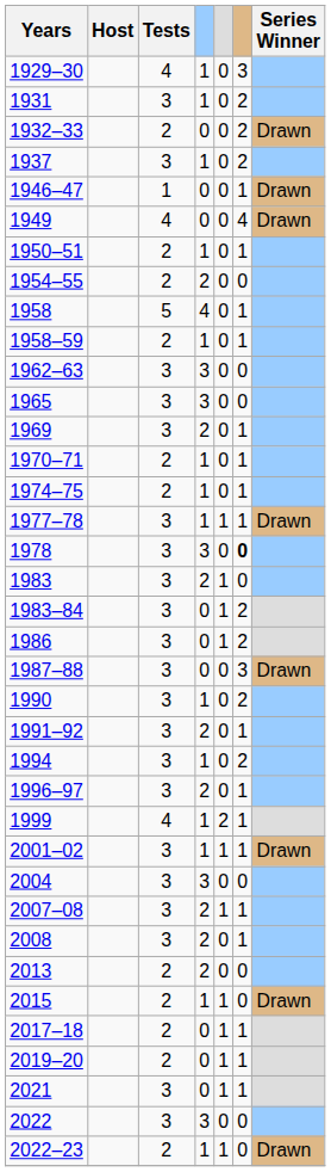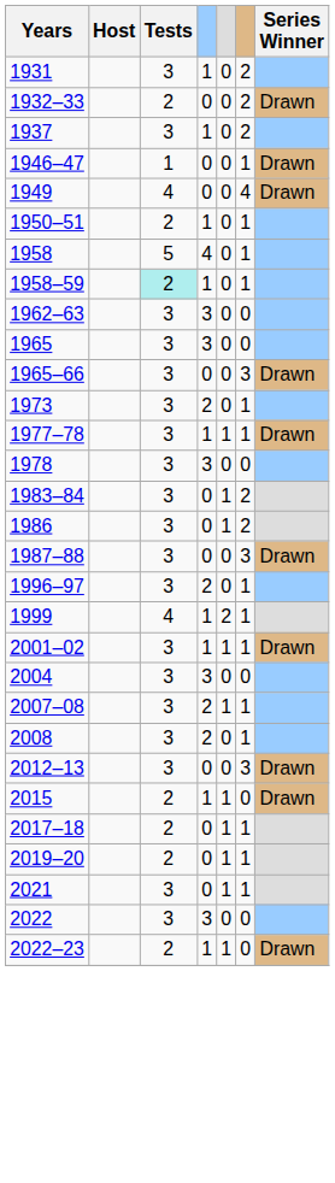 <table class="wikitable sortable">
 <tr>
 <th>Years</th>
 <th>Host</th>
 <th>Tests</th>
 <th style="background:#99ccff"></th>
 <th style="background:#ddd"></th>
 <th style="background:#deb887"></th>
 <th class="unsortable">Series<br>Winner</th>
-</tr>
-<tr>
-<td><a href='#'>1929–30</a></td>
-<td></td>
-<td align=center>4</td>
-<td align=center>1</td>
-<td align=center>0</td>
-<td align=center>3</td>
-<td bgcolor="#99ccff"></td>
 </tr>
 <tr>
 <td><a href='#'>1931</a></td>
 <td></td>
 <td align=center>3</td>
 <td align=center>1</td>
 <td align=center>0</td>
 <td align=center>2</td>
 <td bgcolor="#99ccff"></td>
 </tr>
 <tr>
 <td><a href='#'>1932–33</a></td>
 <td></td>
 <td align=center>2</td>
 <td align=center>0</td>
 <td align=center>0</td>
 <td align=center>2</td>
 <td style="background:#deb887">Drawn</td>
 </tr>
 <tr>
 <td><a href='#'>1937</a></td>
 <td></td>
 <td align=center>3</td>
 <td align=center>1</td>
 <td align=center>0</td>
 <td align=center>2</td>
 <td bgcolor="#99ccff"></td>
 </tr>
 <tr>
 <td><a href='#'>1946–47</a></td>
 <td></td>
 <td align=center>1</td>
 <td align=center>0</td>
 <td align=center>0</td>
 <td align=center>1</td>
 <td style="background:#deb887">Drawn</td>
 </tr>
 <tr>
 <td><a href='#'>1949</a></td>
 <td></td>
 <td align=center>4</td>
 <td align=center>0</td>
 <td align=center>0</td>
 <td align=center>4</td>
 <td style="background:#deb887">Drawn</td>
 </tr>
 <tr>
 <td><a href='#'>1950–51</a></td>
 <td></td>
 <td align=center>2</td>
 <td align=center>1</td>
 <td align=center>0</td>
 <td align=center>1</td>
 <td bgcolor="#99ccff"></td>
 </tr>
 <tr>
-<td><a href='#'>1954–55</a></td>
-<td></td>
-<td align=center>2</td>
-<td align=center>2</td>
-<td align=center>0</td>
-<td align=center>0</td>
-<td bgcolor="#99ccff"></td>
-</tr>
-<tr>
 <td><a href='#'>1958</a></td>
 <td></td>
 <td align=center>5</td>
 <td align=center>4</td>
 <td align=center>0</td>
 <td align=center>1</td>
 <td bgcolor="#99ccff"></td>
 </tr>
 <tr>
 <td><a href='#'>1958–59</a></td>
 <td></td>
-<td align=center>2</td>
+<td align=center style="background: paleturquoise;">2</td>
 <td align=center>1</td>
 <td align=center>0</td>
 <td align=center>1</td>
 <td bgcolor="#99ccff"></td>
 </tr>
 <tr>
 <td><a href='#'>1962–63</a></td>
 <td></td>
 <td align=center>3</td>
 <td align=center>3</td>
 <td align=center>0</td>
 <td align=center>0</td>
 <td bgcolor="#99ccff"></td>
 </tr>
 <tr>
 <td><a href='#'>1965</a></td>
 <td></td>
 <td align=center>3</td>
 <td align=center>3</td>
 <td align=center>0</td>
 <td align=center>0</td>
 <td bgcolor="#99ccff"></td>
 </tr>
 <tr>
-<td><a href='#'>1969</a></td>
+<td><a href='#'>1965–66</a></td>
+<td></td>
+<td align=center>3</td>
+<td align=center>0</td>
+<td align=center>0</td>
+<td align=center>3</td>
+<td style="background:#deb887">Drawn</td>
+</tr>
+<tr>
+<td><a href='#'>1973</a></td>
 <td></td>
 <td align=center>3</td>
 <td align=center>2</td>
-<td align=center>0</td>
-<td align=center>1</td>
-<td bgcolor="#99ccff"></td>
-</tr>
-<tr>
-<td><a href='#'>1970–71</a></td>
-<td></td>
-<td align=center>2</td>
-<td align=center>1</td>
-<td align=center>0</td>
-<td align=center>1</td>
-<td bgcolor="#99ccff"></td>
-</tr>
-<tr>
-<td><a href='#'>1974–75</a></td>
-<td></td>
-<td align=center>2</td>
-<td align=center>1</td>
 <td align=center>0</td>
 <td align=center>1</td>
 <td bgcolor="#99ccff"></td>
 </tr>
 <tr>
 <td><a href='#'>1977–78</a></td>
 <td></td>
 <td align=center>3</td>
 <td align=center>1</td>
 <td align=center>1</td>
 <td align=center>1</td>
 <td style="background:#deb887">Drawn</td>
 </tr>
 <tr>
 <td><a href='#'>1978</a></td>
 <td></td>
 <td align=center>3</td>
 <td align=center>3</td>
 <td align=center>0</td>
-<td align=center><strong>0</strong></td>
-<td bgcolor="#99ccff"></td>
-</tr>
-<tr>
-<td><a href='#'>1983</a></td>
-<td></td>
-<td align=center>3</td>
-<td align=center>2</td>
-<td align=center>1</td>
 <td align=center>0</td>
 <td bgcolor="#99ccff"></td>
 </tr>
 <tr>
 <td><a href='#'>1983–84</a></td>
 <td></td>
 <td align=center>3</td>
 <td align=center>0</td>
 <td align=center>1</td>
 <td align=center>2</td>
 <td bgcolor="#ddd"></td>
 </tr>
 <tr>
 <td><a href='#'>1986</a></td>
 <td></td>
 <td align=center>3</td>
 <td align=center>0</td>
 <td align=center>1</td>
 <td align=center>2</td>
 <td bgcolor="#ddd"></td>
 </tr>
 <tr>
 <td><a href='#'>1987–88</a></td>
 <td></td>
 <td align=center>3</td>
 <td align=center>0</td>
 <td align=center>0</td>
 <td align=center>3</td>
 <td style="background:#deb887">Drawn</td>
-</tr>
-<tr>
-<td><a href='#'>1990</a></td>
-<td></td>
-<td align=center>3</td>
-<td align=center>1</td>
-<td align=center>0</td>
-<td align=center>2</td>
-<td bgcolor="#99ccff"></td>
-</tr>
-<tr>
-<td><a href='#'>1991–92</a></td>
-<td></td>
-<td align=center>3</td>
-<td align=center>2</td>
-<td align=center>0</td>
-<td align=center>1</td>
-<td bgcolor="#99ccff"></td>
-</tr>
-<tr>
-<td><a href='#'>1994</a></td>
-<td></td>
-<td align=center>3</td>
-<td align=center>1</td>
-<td align=center>0</td>
-<td align=center>2</td>
-<td bgcolor="#99ccff"></td>
 </tr>
 <tr>
 <td><a href='#'>1996–97</a></td>
 <td></td>
 <td align=center>3</td>
 <td align=center>2</td>
 <td align=center>0</td>
 <td align=center>1</td>
 <td bgcolor="#99ccff"></td>
 </tr>
 <tr>
 <td><a href='#'>1999</a></td>
 <td></td>
 <td align=center>4</td>
 <td align=center>1</td>
 <td align=center>2</td>
 <td align=center>1</td>
 <td bgcolor="#ddd"></td>
 </tr>
 <tr>
 <td><a href='#'>2001–02</a></td>
 <td></td>
 <td align=center>3</td>
 <td align=center>1</td>
 <td align=center>1</td>
 <td align=center>1</td>
 <td style="background:#deb887">Drawn</td>
 </tr>
 <tr>
 <td><a href='#'>2004</a></td>
 <td></td>
 <td align=center>3</td>
 <td align=center>3</td>
 <td align=center>0</td>
 <td align=center>0</td>
 <td bgcolor="#99ccff"></td>
 </tr>
 <tr>
 <td><a href='#'>2007–08</a></td>
 <td></td>
 <td align=center>3</td>
 <td align=center>2</td>
 <td align=center>1</td>
 <td align=center>1</td>
 <td bgcolor="#99ccff"></td>
 </tr>
 <tr>
 <td><a href='#'>2008</a></td>
 <td></td>
 <td align=center>3</td>
 <td align=center>2</td>
 <td align=center>0</td>
 <td align=center>1</td>
 <td bgcolor="#99ccff"></td>
 </tr>
 <tr>
-<td><a href='#'>2013</a></td>
+<td><a href='#'>2012–13</a></td>
 <td></td>
-<td align=center>2</td>
-<td align=center>2</td>
+<td align=center>3</td>
 <td align=center>0</td>
 <td align=center>0</td>
-<td bgcolor="#99ccff"></td>
+<td align=center>3</td>
+<td style="background:#deb887">Drawn</td>
 </tr>
 <tr>
 <td><a href='#'>2015</a></td>
 <td></td>
 <td align=center>2</td>
 <td align=center>1</td>
 <td align=center>1</td>
 <td align=center>0</td>
 <td style="background:#deb887">Drawn</td>
 </tr>
 <tr>
 <td><a href='#'>2017–18</a></td>
 <td></td>
 <td align=center>2</td>
 <td align=center>0</td>
 <td align=center>1</td>
 <td align=center>1</td>
 <td bgcolor="#ddd"></td>
 </tr>
 <tr>
 <td><a href='#'>2019–20</a></td>
 <td></td>
 <td align=center>2</td>
 <td align=center>0</td>
 <td align=center>1</td>
 <td align=center>1</td>
 <td bgcolor="#ddd"></td>
 </tr>
 <tr>
 <td><a href='#'>2021</a></td>
 <td></td>
 <td align=center>3</td>
 <td align=center>0</td>
 <td align=center>1</td>
 <td align=center>1</td>
 <td bgcolor="#ddd"></td>
 </tr>
 <tr>
 <td><a href='#'>2022</a></td>
 <td></td>
 <td align=center>3</td>
 <td align=center>3</td>
 <td align=center>0</td>
 <td align=center>0</td>
 <td bgcolor="#99ccff"></td>
 </tr>
 <tr>
 <td><a href='#'>2022–23</a></td>
 <td></td>
 <td align=center>2</td>
 <td align=center>1</td>
 <td align=center>1</td>
 <td align=center>0</td>
 <td style="background:#deb887">Drawn</td>
 </tr>
 <tr>
 </tr>
 </table>
